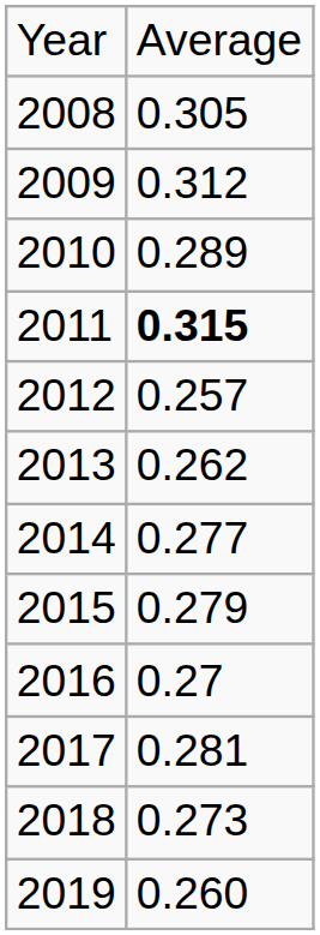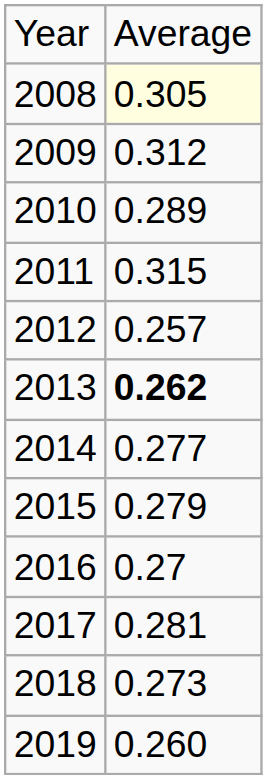 <table class="wikitable">
 <tr>
 <td>Year</td>
 <td>Average</td>
 </tr>
 <tr>
 <td>2008</td>
-<td>0.305</td>
+<td style="background: lightyellow;">0.305</td>
 </tr>
 <tr>
 <td>2009</td>
 <td>0.312</td>
 </tr>
 <tr>
 <td>2010</td>
 <td>0.289</td>
 </tr>
 <tr>
 <td>2011</td>
-<td><strong>0.315</strong></td>
+<td>0.315</td>
 </tr>
 <tr>
 <td>2012</td>
 <td>0.257</td>
 </tr>
 <tr>
 <td>2013</td>
-<td>0.262</td>
+<td><strong>0.262</strong></td>
 </tr>
 <tr>
 <td>2014</td>
 <td>0.277</td>
 </tr>
 <tr>
 <td>2015</td>
 <td>0.279</td>
 </tr>
 <tr>
 <td>2016</td>
 <td>0.27</td>
 </tr>
 <tr>
 <td>2017</td>
 <td>0.281</td>
 </tr>
 <tr>
 <td>2018</td>
 <td>0.273</td>
 </tr>
 <tr>
 <td>2019</td>
 <td>0.260</td>
 </tr>
 </table>
